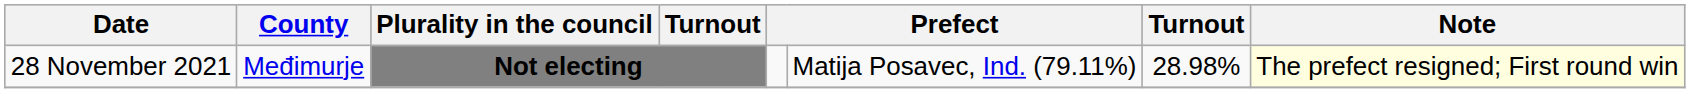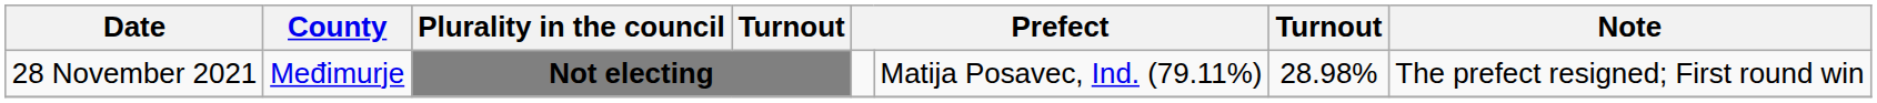 <table class="wikitable sortable">
 <tr>
 <th>Date</th>
 <th><a href='#'>County</a></th>
 <th colspan=2>Plurality in the council</th>
 <th>Turnout</th>
 <th colspan=2>Prefect</th>
 <th>Turnout</th>
 <th class="unsortable">Note</th>
 </tr>
 <tr>
 <td>28 November 2021</td>
 <td><a href='#'>Međimurje</a></td>
 <td colspan="3"  align=center width=5px style="background-color:grey"><strong>Not electing</strong></td>
 <td align=center width=5px style="background-color:"></td>
 <td>Matija Posavec, <a href='#'>Ind.</a> (79.11%)</td>
 <td align=center>28.98%</td>
-<td align=center style="background: lightyellow;">The prefect resigned; First round win</td>
+<td align=center>The prefect resigned; First round win</td>
 </tr>
 <tr>
 </tr>
 </table>
